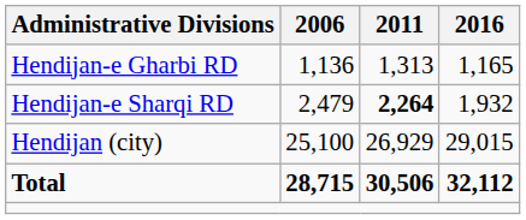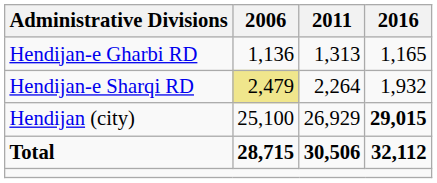 <table class="wikitable">
 <tr>
 <th>Administrative Divisions</th>
 <th>2006</th>
 <th>2011</th>
 <th>2016</th>
 </tr>
 <tr>
 <td><a href='#'>Hendijan-e Gharbi RD</a></td>
 <td style="text-align: right;">1,136</td>
 <td style="text-align: right;">1,313</td>
 <td style="text-align: right;">1,165</td>
 </tr>
 <tr>
 <td><a href='#'>Hendijan-e Sharqi RD</a></td>
-<td style="text-align: right;">2,479</td>
-<td style="text-align: right;"><strong>2,264</strong></td>
+<td style="background: khaki; text-align: right;">2,479</td>
+<td style="text-align: right;">2,264</td>
 <td style="text-align: right;">1,932</td>
 </tr>
 <tr>
 <td><a href='#'>Hendijan</a> (city)</td>
 <td style="text-align: right;">25,100</td>
 <td style="text-align: right;">26,929</td>
-<td style="text-align: right;">29,015</td>
+<td style="text-align: right;"><strong>29,015</strong></td>
 </tr>
 <tr>
 <td><strong>Total</strong></td>
 <td style="text-align: right;"><strong>28,715</strong></td>
 <td style="text-align: right;"><strong>30,506</strong></td>
 <td style="text-align: right;"><strong>32,112</strong></td>
 </tr>
 <tr>
 <td colspan=4></td>
 </tr>
 </table>
